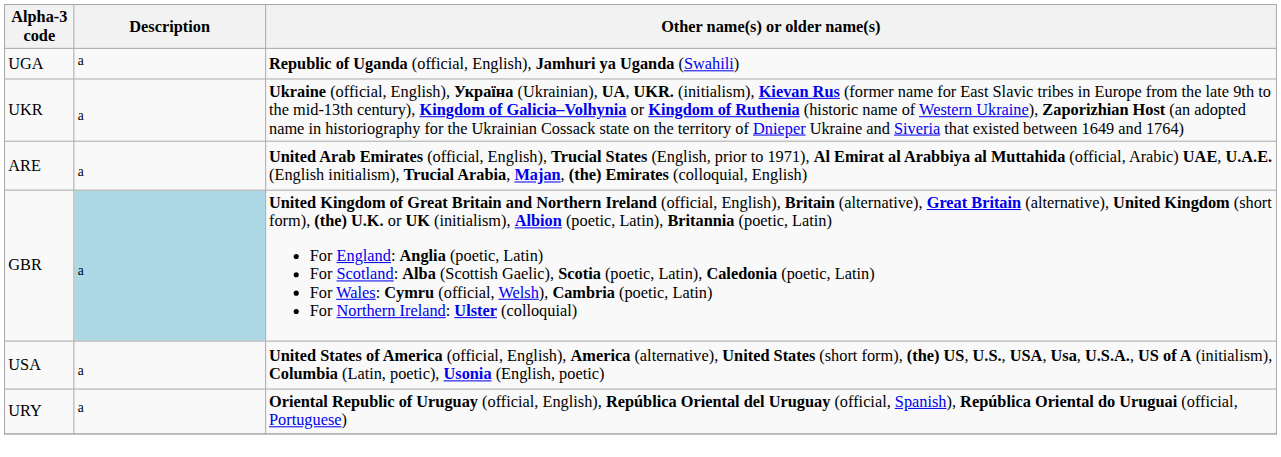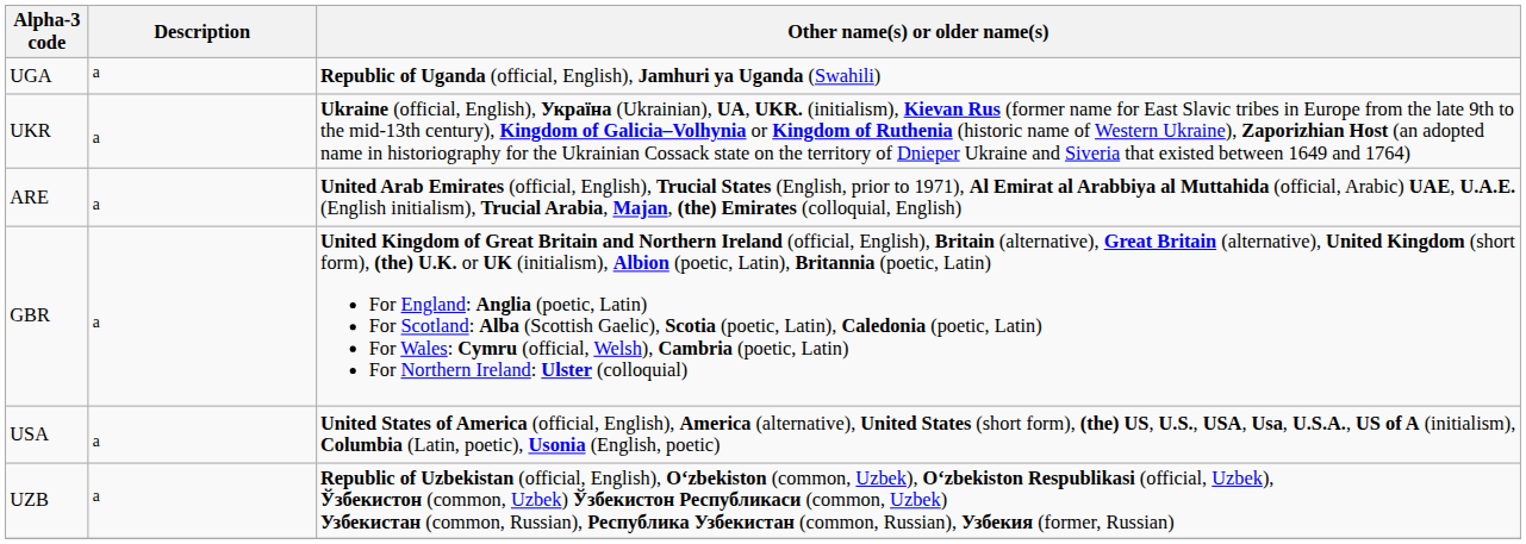 <table class="wikitable">
 <tr>
 <th>Alpha-3 code</th>
 <th width=180px>Description</th>
 <th>Other name(s) or older name(s)</th>
 </tr>
 <tr>
 <td>UGA</td>
 <td>  <sup>a</sup></td>
 <td><strong>Republic of Uganda</strong> (official, English), <strong>Jamhuri ya Uganda</strong> (<a href='#'>Swahili</a>)</td>
 </tr>
 <tr>
 <td>UKR</td>
 <td> <br> <sup>a</sup></td>
 <td><strong>Ukraine</strong> (official, English), <strong>Україна</strong> (Ukrainian), <strong>UA</strong>, <strong>UKR.</strong> (initialism), <strong><a href='#'>Kievan Rus</a></strong> (former name for East Slavic tribes in Europe from the late 9th to the mid-13th century), <strong><a href='#'>Kingdom of Galicia–Volhynia</a></strong> or <strong><a href='#'>Kingdom of Ruthenia</a></strong> (historic name of <a href='#'>Western Ukraine</a>), <strong>Zaporizhian Host</strong> (an adopted name in historiography for the Ukrainian Cossack state on the territory of <a href='#'>Dnieper</a> Ukraine and <a href='#'>Siveria</a> that existed between 1649 and 1764)</td>
 </tr>
 <tr>
 <td>ARE</td>
 <td> <br> <sup>a</sup></td>
 <td><strong>United Arab Emirates</strong> (official, English), <strong>Trucial States</strong> (English, prior to 1971), <strong>Al Emirat al Arabbiya al Muttahida</strong> (official, Arabic) <strong>UAE</strong>, <strong>U.A.E.</strong> (English initialism), <strong>Trucial Arabia</strong>, <strong><a href='#'>Majan</a></strong>, <strong>(the) Emirates</strong> (colloquial, English)</td>
 </tr>
 <tr>
 <td>GBR</td>
-<td style="background: lightblue;"> <br> <sup>a</sup></td>
+<td> <br> <sup>a</sup></td>
 <td><strong>United Kingdom of Great Britain and Northern Ireland</strong> (official, English), <strong>Britain</strong> (alternative), <strong><a href='#'>Great Britain</a></strong> (alternative), <strong>United Kingdom</strong> (short form), <strong>(the)</strong> <strong>U.K.</strong> or <strong>UK</strong> (initialism), <strong><a href='#'>Albion</a></strong> (poetic, Latin),  <strong>Britannia</strong> (poetic, Latin)<br><ul><li>For <a href='#'>England</a>: <strong>Anglia</strong> (poetic, Latin)</li><li>For <a href='#'>Scotland</a>: <strong>Alba</strong> (Scottish Gaelic), <strong>Scotia</strong> (poetic, Latin), <strong>Caledonia</strong> (poetic, Latin)</li><li>For <a href='#'>Wales</a>: <strong>Cymru</strong> (official, <a href='#'>Welsh</a>), <strong>Cambria</strong> (poetic, Latin)</li><li>For <a href='#'>Northern Ireland</a>: <strong><a href='#'>Ulster</a></strong> (colloquial)</li></ul></td>
 </tr>
 <tr>
 <td>USA</td>
 <td> <br> <sup>a</sup></td>
 <td><strong>United States of America</strong> (official, English), <strong>America</strong> (alternative), <strong>United States</strong> (short form), <strong>(the)</strong> <strong>US</strong>, <strong>U.S.</strong>, <strong>USA</strong>, <strong>Usa</strong>, <strong>U.S.A.</strong>, <strong>US of A</strong> (initialism), <strong>Columbia</strong> (Latin, poetic), <strong><a href='#'>Usonia</a></strong> (English, poetic)</td>
 </tr>
 <tr>
-<td>URY</td>
+<td>UZB</td>
 <td>  <sup>a</sup></td>
-<td><strong>Oriental Republic of Uruguay</strong> (official, English), <strong>República Oriental del Uruguay</strong> (official, <a href='#'>Spanish</a>), <strong>República Oriental do Uruguai</strong> (official, <a href='#'>Portuguese</a>)</td>
+<td><strong>Republic of Uzbekistan</strong> (official, English), <strong>Oʻzbekiston</strong> (common, <a href='#'>Uzbek</a>), <strong>Oʻzbekiston Respublikasi</strong> (official, <a href='#'>Uzbek</a>),<br><strong>Ўзбекистон</strong> (common, <a href='#'>Uzbek</a>) <strong>Ўзбекистон Республикаси</strong> (common, <a href='#'>Uzbek</a>)<br><strong>Узбекистан</strong> (common, Russian),  <strong>Республика Узбекистан</strong> (common, Russian), <strong>Узбекия</strong> (former, Russian)</td>
 </tr>
 <tr>
 </tr>
 </table>
